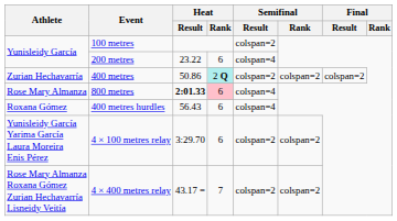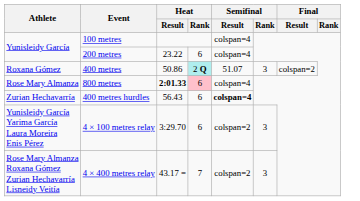 <table class="wikitable" style="font-size:90%">
 <tr>
 <th rowspan="2">Athlete</th>
 <th rowspan="2">Event</th>
 <th colspan="2">Heat</th>
 <th colspan="2">Semifinal</th>
 <th colspan="2">Final</th>
 </tr>
 <tr style="font-size:95%">
 <th>Result</th>
 <th>Rank</th>
 <th>Result</th>
 <th>Rank</th>
 <th>Result</th>
 <th>Rank</th>
 </tr>
 <tr align=center>
 <td align=left rowspan=2><a href='#'>Yunisleidy García</a></td>
 <td align=left><a href='#'>100 metres</a></td>
 <td colspan=2></td>
-<td>colspan=2</td>
+<td>colspan=4 </td>
 </tr>
 <tr align=center>
 <td align=left><a href='#'>200 metres</a></td>
 <td>23.22</td>
 <td>6</td>
 <td>colspan=4 </td>
 </tr>
 <tr align=center>
-<td align=left><a href='#'>Zurian Hechavarría</a></td>
+<td align=left><a href='#'>Roxana Gómez</a></td>
 <td align=left><a href='#'>400 metres</a></td>
 <td>50.86</td>
 <td style="background: paleturquoise;">2 <strong>Q</strong></td>
-<td>colspan=2</td>
-<td>colspan=2 </td>
+<td>51.07</td>
+<td>3</td>
 <td>colspan=2 </td>
 </tr>
 <tr align=center>
 <td align=left><a href='#'>Rose Mary Almanza</a></td>
 <td align=left><a href='#'>800 metres</a></td>
 <td><strong>2:01.33</strong></td>
 <td style="background: pink;">6</td>
 <td>colspan=4 </td>
 </tr>
 <tr align=center>
-<td align=left><a href='#'>Roxana Gómez</a></td>
+<td align=left><a href='#'>Zurian Hechavarría</a></td>
 <td align=left><a href='#'>400 metres hurdles</a></td>
 <td>56.43</td>
 <td>6</td>
-<td>colspan=4 </td>
+<td><strong>colspan=4 </strong></td>
 </tr>
 <tr align=center>
 <td align=left><a href='#'>Yunisleidy García</a><br><a href='#'>Yarima García</a><br><a href='#'>Laura Moreira</a><br><a href='#'>Enis Pérez</a></td>
 <td align=left><a href='#'>4 × 100 metres relay</a></td>
 <td>3:29.70</td>
 <td>6</td>
 <td>colspan=2</td>
-<td>colspan=2 </td>
+<td>3</td>
 </tr>
 <tr align=center>
 <td align=left><a href='#'>Rose Mary Almanza</a><br><a href='#'>Roxana Gómez</a><br><a href='#'>Zurian Hechavarría</a><br><a href='#'>Lisneidy Veitía</a></td>
 <td align=left><a href='#'>4 × 400 metres relay</a></td>
 <td>43.17 =</td>
 <td>7</td>
 <td>colspan=2</td>
-<td>colspan=2 </td>
+<td>3</td>
 </tr>
 </table>
